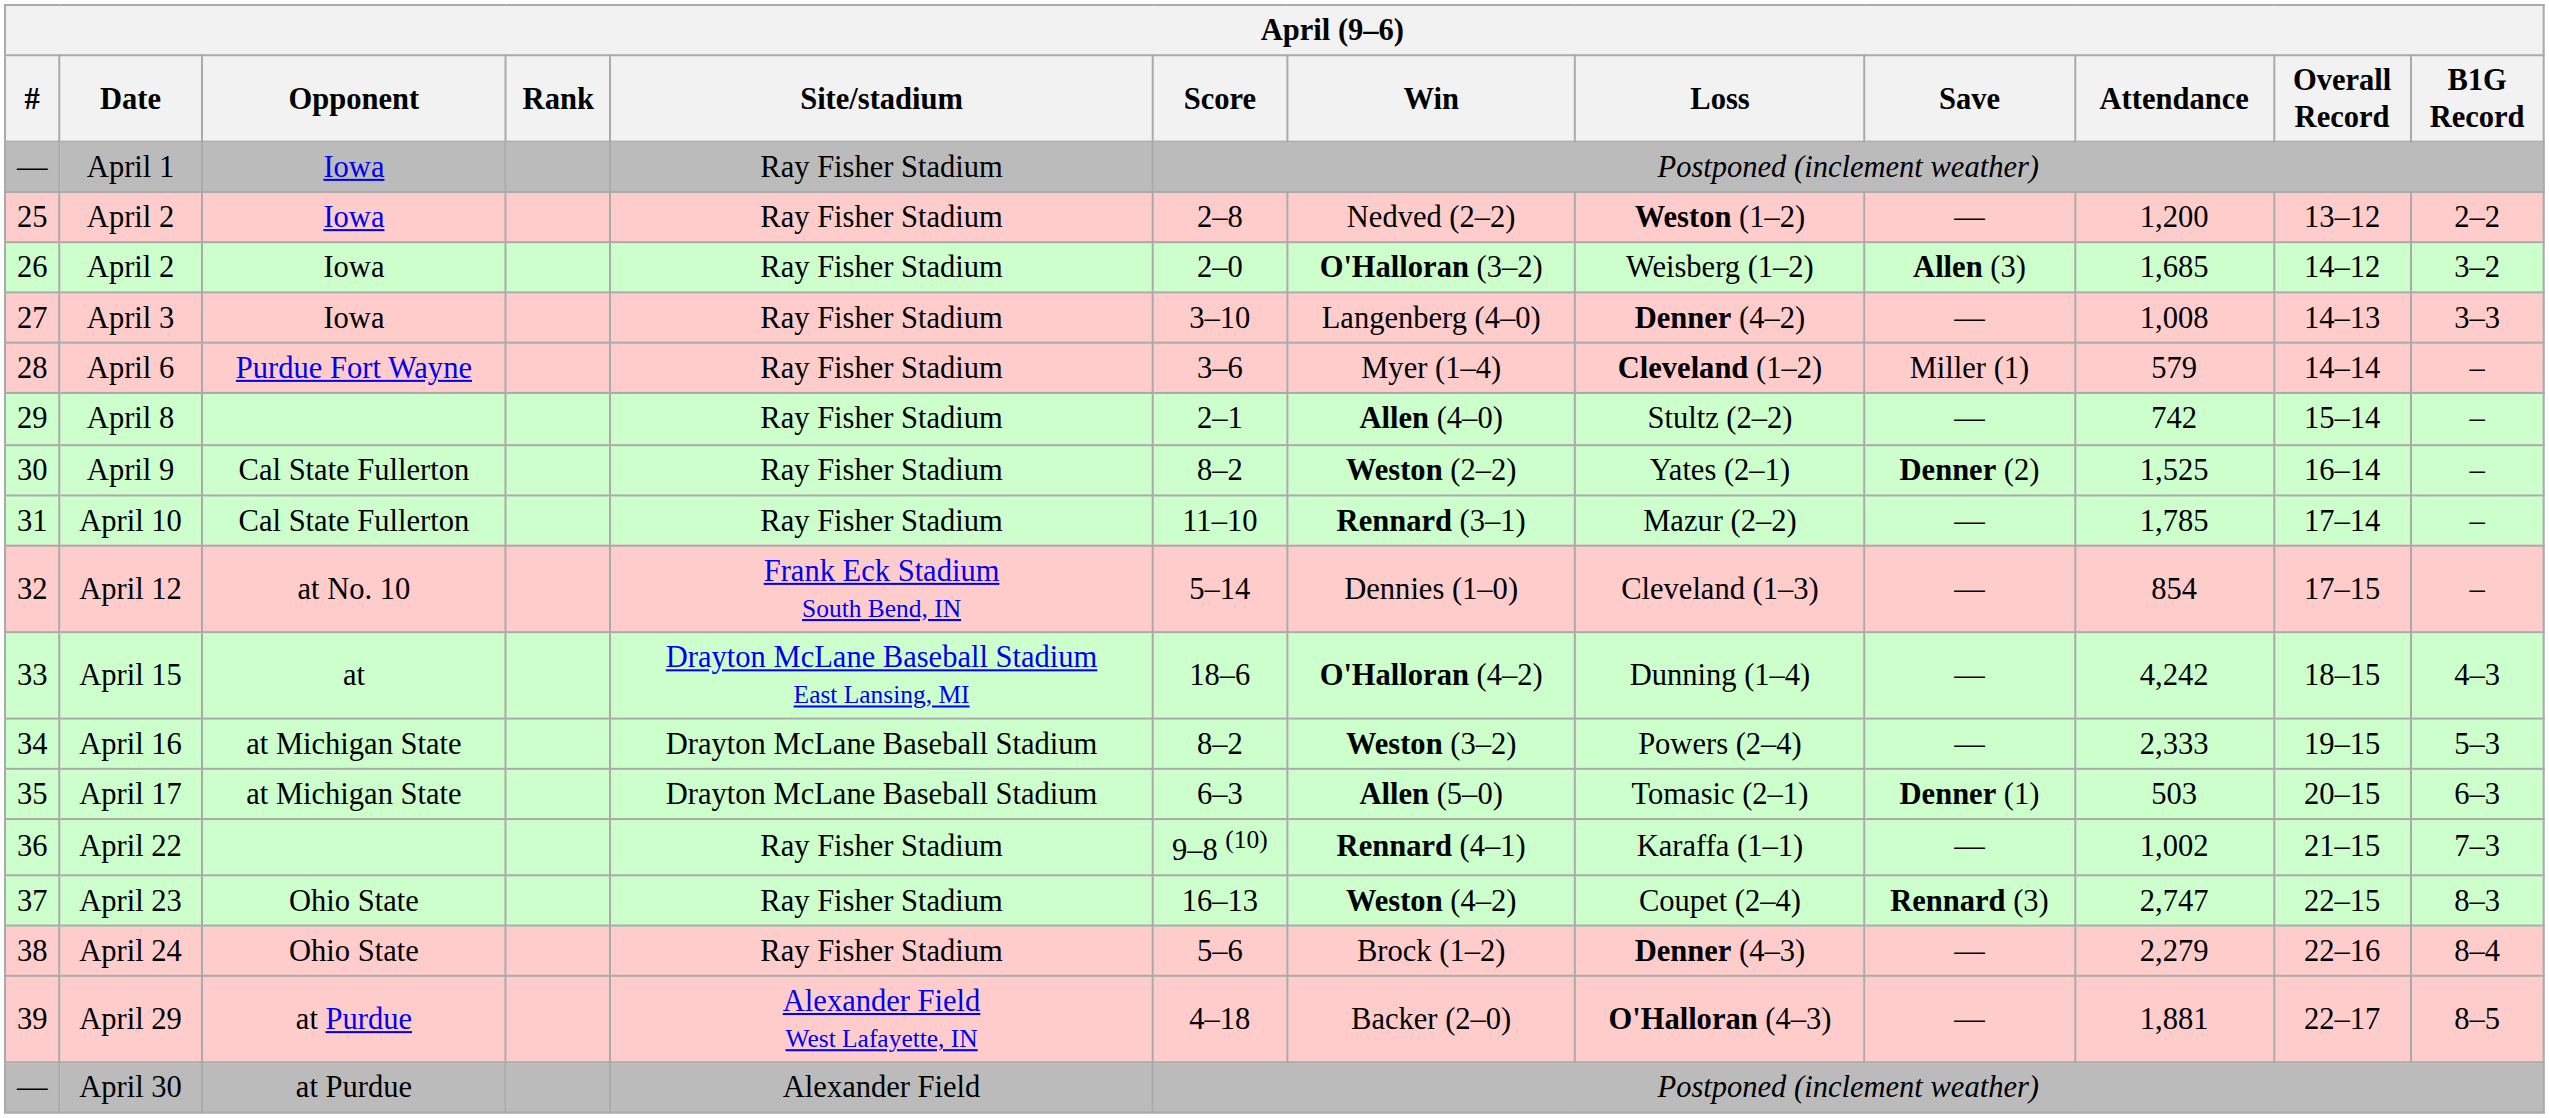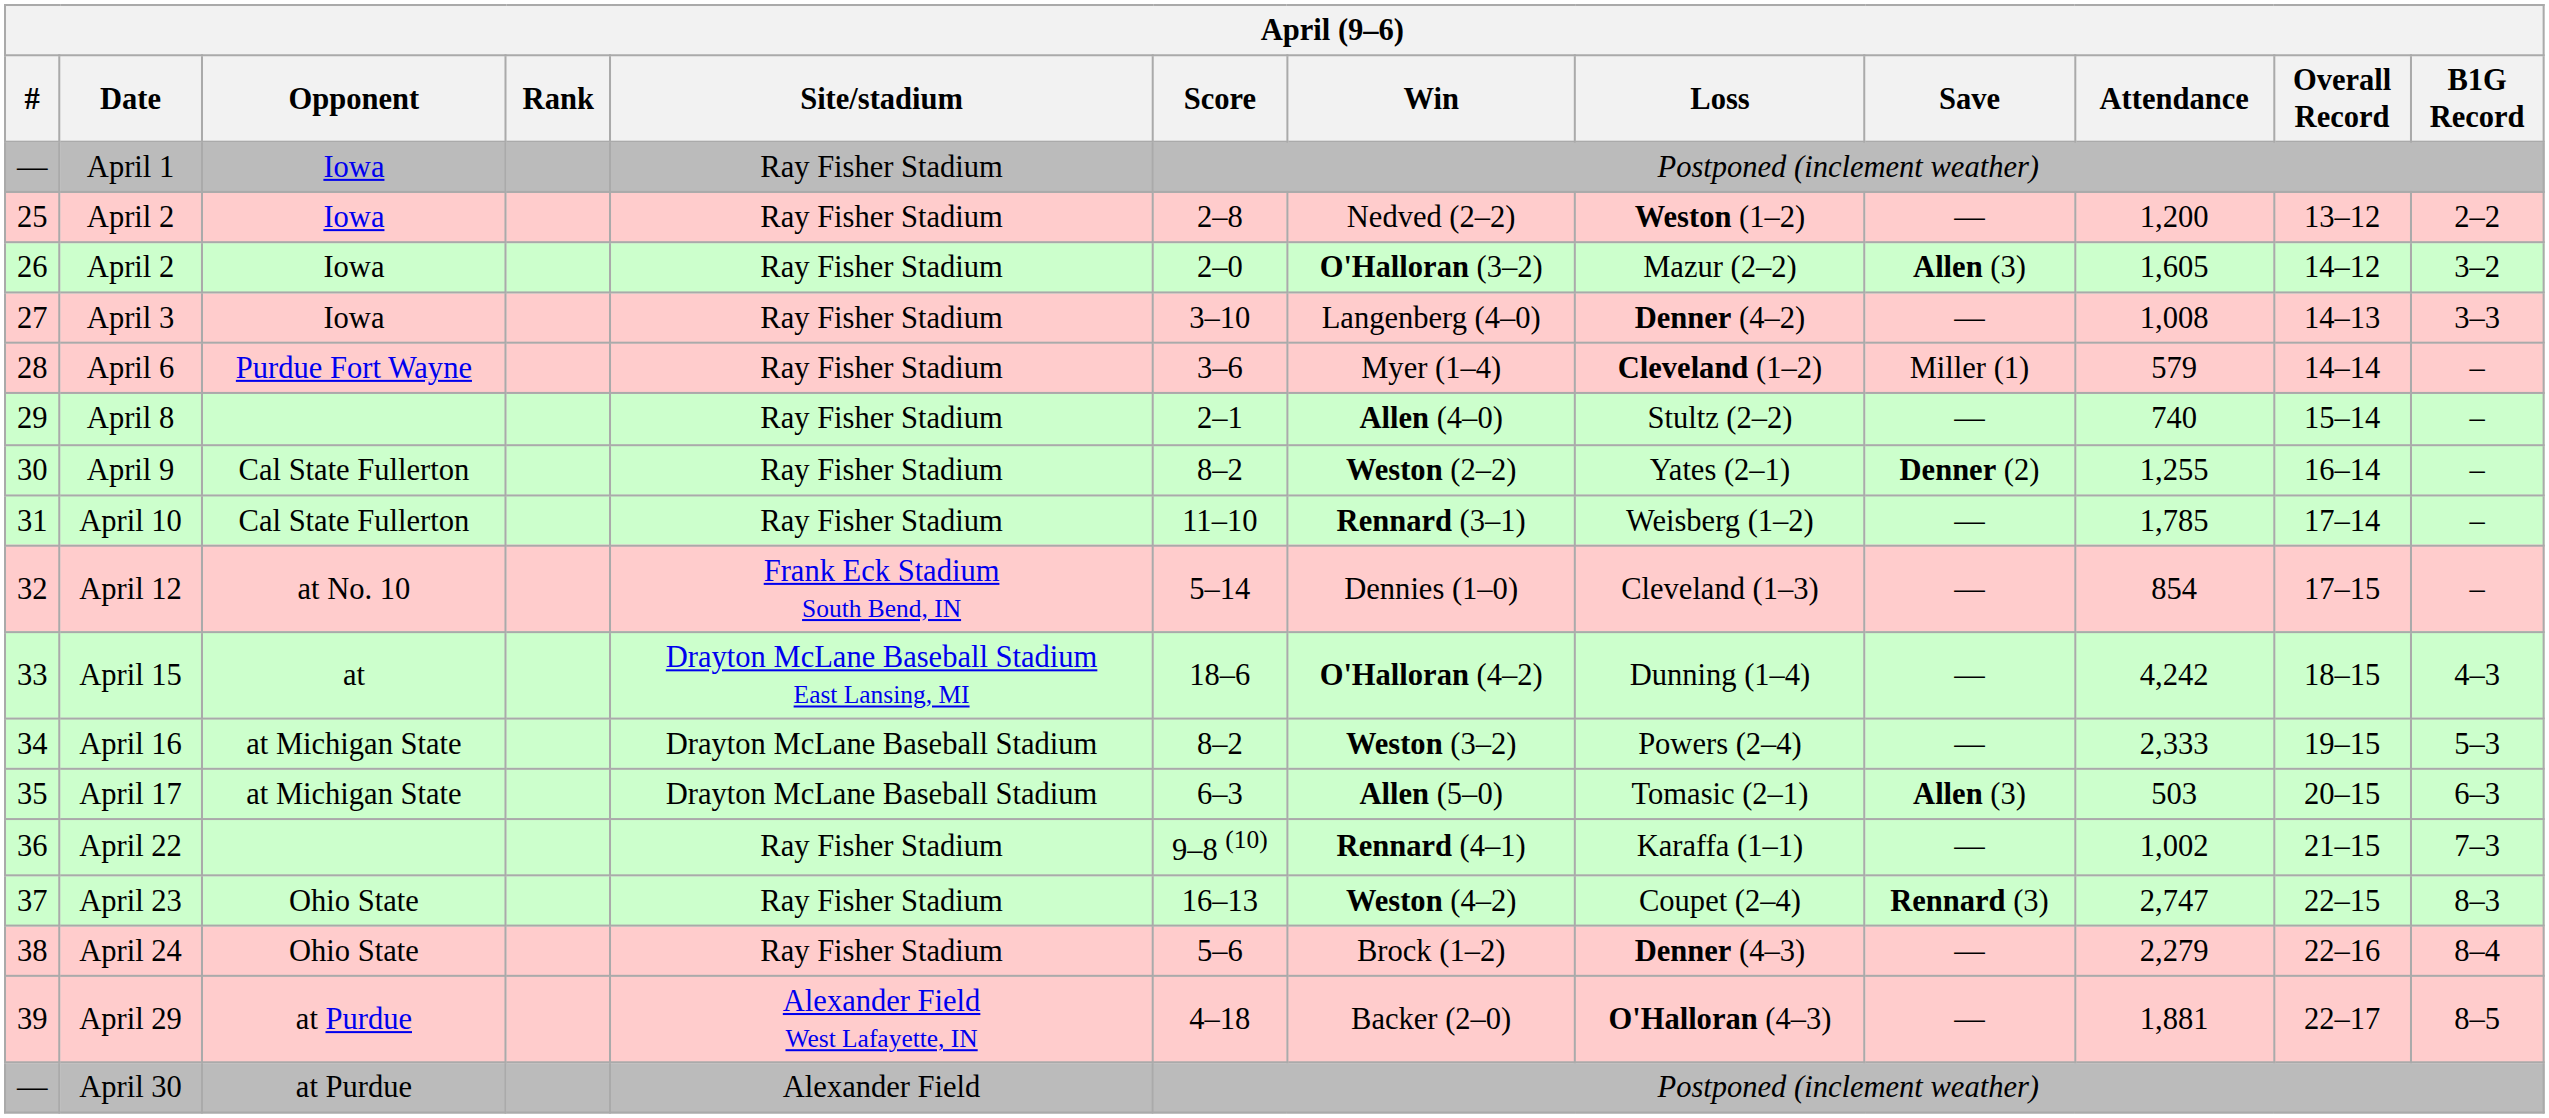 <table class="wikitable collapsible collapsed" style="margin:auto; width:100%; text-align:center; font-size:95%">
 <tr>
 <th colspan=12 style="padding-left:4em;">April (9–6)</th>
 </tr>
 <tr>
 <th>#</th>
 <th>Date</th>
 <th>Opponent</th>
 <th>Rank</th>
 <th>Site/stadium</th>
 <th>Score</th>
 <th>Win</th>
 <th>Loss</th>
 <th>Save</th>
 <th>Attendance</th>
 <th>Overall<br>Record</th>
 <th>B1G<br>Record</th>
 </tr>
 <tr align="center" bgcolor="#bbbbbb">
 <td>—</td>
 <td>April 1</td>
 <td><a href='#'>Iowa</a></td>
 <td></td>
 <td>Ray Fisher Stadium</td>
 <td colspan=9><em>Postponed (inclement weather)</em></td>
 </tr>
 <tr align="center" bgcolor="#ffcccc">
 <td>25</td>
 <td>April 2</td>
 <td><a href='#'>Iowa</a></td>
 <td></td>
 <td>Ray Fisher Stadium</td>
 <td>2–8</td>
 <td>Nedved (2–2)</td>
 <td><strong>Weston</strong> (1–2)</td>
 <td>—</td>
 <td>1,200</td>
 <td>13–12</td>
 <td>2–2</td>
 </tr>
 <tr align="center" bgcolor="#ccffcc">
 <td>26</td>
 <td>April 2</td>
 <td>Iowa</td>
 <td></td>
 <td>Ray Fisher Stadium</td>
 <td>2–0</td>
 <td><strong>O'Halloran</strong> (3–2)</td>
-<td>Weisberg (1–2)</td>
+<td>Mazur (2–2)</td>
 <td><strong>Allen</strong> (3)</td>
-<td>1,685</td>
+<td>1,605</td>
 <td>14–12</td>
 <td>3–2</td>
 </tr>
 <tr align="center" bgcolor="#ffcccc">
 <td>27</td>
 <td>April 3</td>
 <td>Iowa</td>
 <td></td>
 <td>Ray Fisher Stadium</td>
 <td>3–10</td>
 <td>Langenberg (4–0)</td>
 <td><strong>Denner</strong> (4–2)</td>
 <td>—</td>
 <td>1,008</td>
 <td>14–13</td>
 <td>3–3</td>
 </tr>
 <tr align="center" bgcolor="#ffcccc">
 <td>28</td>
 <td>April 6</td>
 <td><a href='#'>Purdue Fort Wayne</a></td>
 <td></td>
 <td>Ray Fisher Stadium</td>
 <td>3–6</td>
 <td>Myer (1–4)</td>
 <td><strong>Cleveland</strong> (1–2)</td>
 <td>Miller (1)</td>
 <td>579</td>
 <td>14–14</td>
 <td>–</td>
 </tr>
 <tr align="center" bgcolor="#ccffcc">
 <td>29</td>
 <td>April 8</td>
 <td></td>
 <td></td>
 <td>Ray Fisher Stadium</td>
 <td>2–1</td>
 <td><strong>Allen</strong> (4–0)</td>
 <td>Stultz (2–2)</td>
 <td>—</td>
-<td>742</td>
+<td>740</td>
 <td>15–14</td>
 <td>–</td>
 </tr>
 <tr align="center" bgcolor="#ccffcc">
 <td>30</td>
 <td>April 9</td>
 <td>Cal State Fullerton</td>
 <td></td>
 <td>Ray Fisher Stadium</td>
 <td>8–2</td>
 <td><strong>Weston</strong> (2–2)</td>
 <td>Yates (2–1)</td>
 <td><strong>Denner</strong> (2)</td>
-<td>1,525</td>
+<td>1,255</td>
 <td>16–14</td>
 <td>–</td>
 </tr>
 <tr align="center" bgcolor="#ccffcc">
 <td>31</td>
 <td>April 10</td>
 <td>Cal State Fullerton</td>
 <td></td>
 <td>Ray Fisher Stadium</td>
 <td>11–10</td>
 <td><strong>Rennard</strong> (3–1)</td>
-<td>Mazur (2–2)</td>
+<td>Weisberg (1–2)</td>
 <td>—</td>
 <td>1,785</td>
 <td>17–14</td>
 <td>–</td>
 </tr>
 <tr align="center" bgcolor="#ffcccc">
 <td>32</td>
 <td>April 12</td>
 <td>at No. 10 </td>
 <td></td>
 <td><a href='#'>Frank Eck Stadium</a><br><small><a href='#'>South Bend, IN</a></small></td>
 <td>5–14</td>
 <td>Dennies (1–0)</td>
 <td>Cleveland (1–3)</td>
 <td>—</td>
 <td>854</td>
 <td>17–15</td>
 <td>–</td>
 </tr>
 <tr align="center" bgcolor="#ccffcc">
 <td>33</td>
 <td>April 15</td>
 <td>at </td>
 <td></td>
 <td><a href='#'>Drayton McLane Baseball Stadium</a><br><small><a href='#'>East Lansing, MI</a></small></td>
 <td>18–6</td>
 <td><strong>O'Halloran</strong> (4–2)</td>
 <td>Dunning (1–4)</td>
 <td>—</td>
 <td>4,242</td>
 <td>18–15</td>
 <td>4–3</td>
 </tr>
 <tr align="center" bgcolor="#ccffcc">
 <td>34</td>
 <td>April 16</td>
 <td>at Michigan State</td>
 <td></td>
 <td>Drayton McLane Baseball Stadium</td>
 <td>8–2</td>
 <td><strong>Weston</strong> (3–2)</td>
 <td>Powers (2–4)</td>
 <td>—</td>
 <td>2,333</td>
 <td>19–15</td>
 <td>5–3</td>
 </tr>
 <tr align="center" bgcolor="#ccffcc">
 <td>35</td>
 <td>April 17</td>
 <td>at Michigan State</td>
 <td></td>
 <td>Drayton McLane Baseball Stadium</td>
 <td>6–3</td>
 <td><strong>Allen</strong> (5–0)</td>
 <td>Tomasic (2–1)</td>
-<td><strong>Denner</strong> (1)</td>
+<td><strong>Allen</strong> (3)</td>
 <td>503</td>
 <td>20–15</td>
 <td>6–3</td>
 </tr>
 <tr align="center" bgcolor="#ccffcc">
 <td>36</td>
 <td>April 22</td>
 <td></td>
 <td></td>
 <td>Ray Fisher Stadium</td>
 <td>9–8 <sup>(10)</sup></td>
 <td><strong>Rennard</strong> (4–1)</td>
 <td>Karaffa (1–1)</td>
 <td>—</td>
 <td>1,002</td>
 <td>21–15</td>
 <td>7–3</td>
 </tr>
 <tr align="center" bgcolor="#ccffcc">
 <td>37</td>
 <td>April 23</td>
 <td>Ohio State</td>
 <td></td>
 <td>Ray Fisher Stadium</td>
 <td>16–13</td>
 <td><strong>Weston</strong> (4–2)</td>
 <td>Coupet (2–4)</td>
 <td><strong>Rennard</strong> (3)</td>
 <td>2,747</td>
 <td>22–15</td>
 <td>8–3</td>
 </tr>
 <tr align="center" bgcolor="#ffcccc">
 <td>38</td>
 <td>April 24</td>
 <td>Ohio State</td>
 <td></td>
 <td>Ray Fisher Stadium</td>
 <td>5–6</td>
 <td>Brock (1–2)</td>
 <td><strong>Denner</strong> (4–3)</td>
 <td>—</td>
 <td>2,279</td>
 <td>22–16</td>
 <td>8–4</td>
 </tr>
 <tr align="center" bgcolor="#ffcccc">
 <td>39</td>
 <td>April 29</td>
 <td>at <a href='#'>Purdue</a></td>
 <td></td>
 <td><a href='#'>Alexander Field</a><br><small><a href='#'>West Lafayette, IN</a></small></td>
 <td>4–18</td>
 <td>Backer (2–0)</td>
 <td><strong>O'Halloran</strong> (4–3)</td>
 <td>—</td>
 <td>1,881</td>
 <td>22–17</td>
 <td>8–5</td>
 </tr>
 <tr align="center" bgcolor="#bbbbbb">
 <td>—</td>
 <td>April 30</td>
 <td>at Purdue</td>
 <td></td>
 <td>Alexander Field</td>
 <td colspan=9><em>Postponed (inclement weather)</em></td>
 </tr>
 </table>
